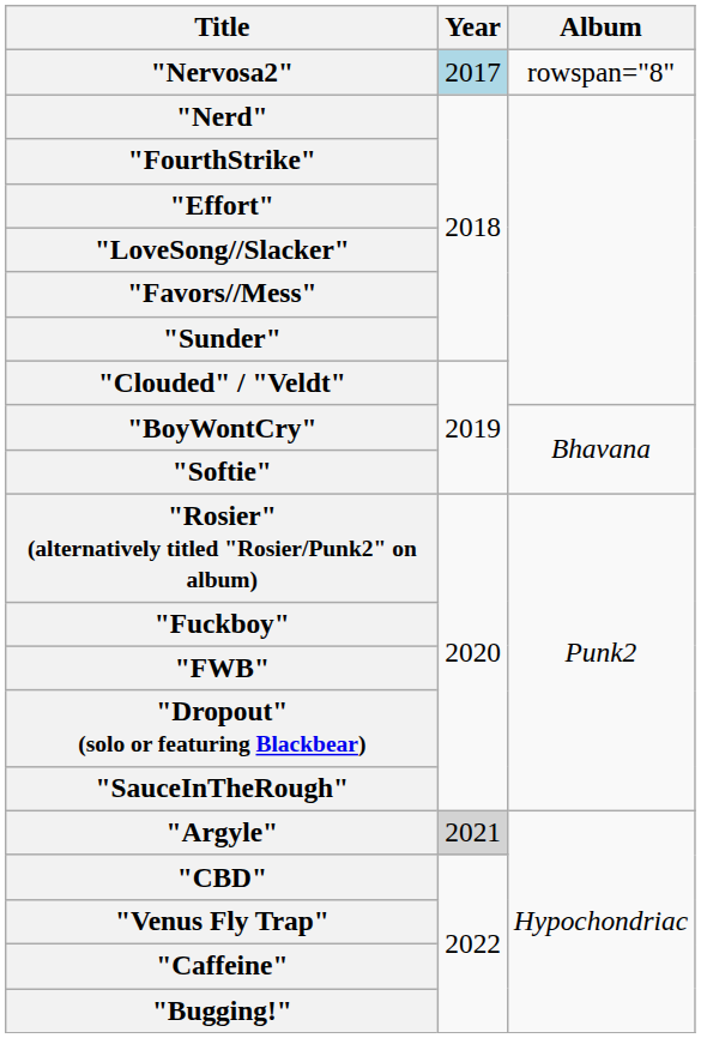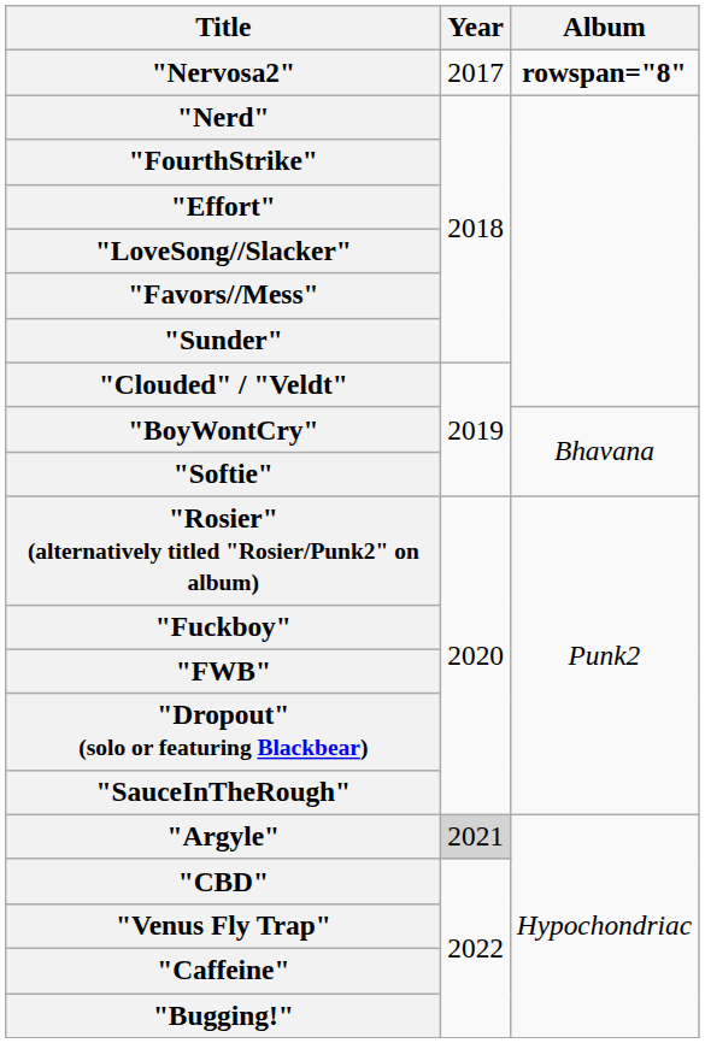 <table class="wikitable plainrowheaders" style="text-align:center;">
 <tr>
 <th scope="col" style="width:15em;">Title</th>
 <th scope="col">Year</th>
 <th scope="col">Album</th>
 </tr>
 <tr>
 <th scope="row">"Nervosa2"</th>
-<td style="background: lightblue;">2017</td>
-<td>rowspan="8" </td>
+<td>2017</td>
+<td><strong>rowspan="8" </strong></td>
 </tr>
 <tr>
 <th scope="row">"Nerd"</th>
 <td rowspan="6">2018</td>
 </tr>
 <tr>
 <th scope="row">"FourthStrike"</th>
 </tr>
 <tr>
 <th scope="row">"Effort"</th>
 </tr>
 <tr>
 <th scope="row">"LoveSong//Slacker"</th>
 </tr>
 <tr>
 <th scope="row">"Favors//Mess"</th>
 </tr>
 <tr>
 <th scope="row">"Sunder"</th>
 </tr>
 <tr>
 <th scope="row">"Clouded" / "Veldt"</th>
 <td rowspan="3">2019</td>
 </tr>
 <tr>
 <th scope="row">"BoyWontCry"</th>
 <td rowspan="2"><em>Bhavana</em></td>
 </tr>
 <tr>
 <th scope="row">"Softie"</th>
 </tr>
 <tr>
 <th scope="row">"Rosier"<br><small>(alternatively titled "Rosier/Punk2" on album)</small></th>
 <td rowspan="5">2020</td>
 <td rowspan="5"><em>Punk2</em></td>
 </tr>
 <tr>
 <th scope="row">"Fuckboy"</th>
 </tr>
 <tr>
 <th scope="row">"FWB"</th>
 </tr>
 <tr>
 <th scope="row">"Dropout"<br><small>(solo or featuring <a href='#'>Blackbear</a>)</small></th>
 </tr>
 <tr>
 <th scope="row">"SauceInTheRough"</th>
 </tr>
 <tr>
 <th scope="row">"Argyle"</th>
 <td style="background: lightgrey;">2021</td>
 <td rowspan="5"><em>Hypochondriac</em></td>
 </tr>
 <tr>
 <th scope="row">"CBD"</th>
 <td rowspan="4">2022</td>
 </tr>
 <tr>
 <th scope="row">"Venus Fly Trap"</th>
 </tr>
 <tr>
 <th scope="row">"Caffeine"</th>
 </tr>
 <tr>
 <th scope="row">"Bugging!"</th>
 </tr>
 </table>
